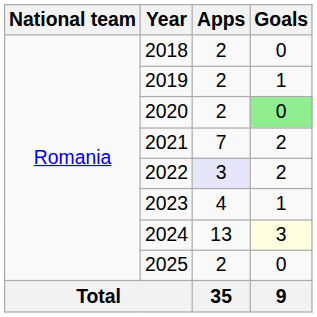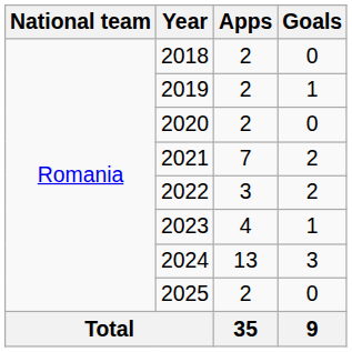 <table class="wikitable" style="text-align:center">
 <tr>
 <th>National team</th>
 <th>Year</th>
 <th>Apps</th>
 <th>Goals</th>
 </tr>
 <tr>
 <td rowspan="8"><a href='#'>Romania</a></td>
 <td>2018</td>
 <td>2</td>
 <td>0</td>
 </tr>
 <tr>
 <td>2019</td>
 <td>2</td>
 <td>1</td>
 </tr>
 <tr>
 <td>2020</td>
 <td>2</td>
-<td style="background: lightgreen;">0</td>
+<td>0</td>
 </tr>
 <tr>
 <td>2021</td>
 <td>7</td>
 <td>2</td>
 </tr>
 <tr>
 <td>2022</td>
-<td style="background: lavender;">3</td>
+<td>3</td>
 <td>2</td>
 </tr>
 <tr>
 <td>2023</td>
 <td>4</td>
 <td>1</td>
 </tr>
 <tr>
 <td>2024</td>
 <td>13</td>
-<td style="background: lightyellow;">3</td>
+<td>3</td>
 </tr>
 <tr>
 <td>2025</td>
 <td>2</td>
 <td>0</td>
 </tr>
 <tr>
 <th colspan="2">Total</th>
 <th>35</th>
 <th>9</th>
 </tr>
 </table>
